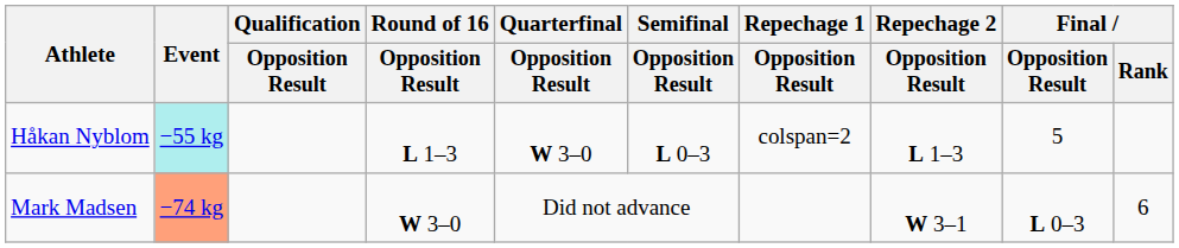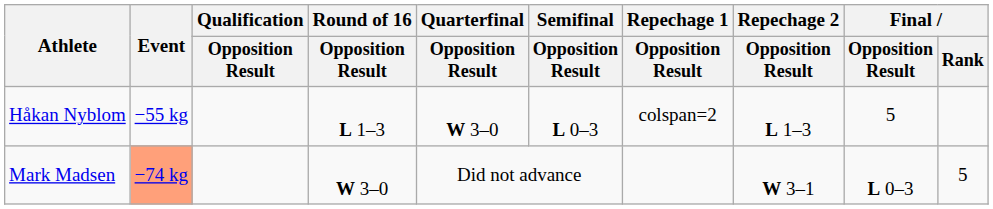 <table class="wikitable" style="font-size:90%">
 <tr>
 <th rowspan="2">Athlete</th>
 <th rowspan="2">Event</th>
 <th>Qualification</th>
 <th>Round of 16</th>
 <th>Quarterfinal</th>
 <th>Semifinal</th>
 <th>Repechage 1</th>
 <th>Repechage 2</th>
 <th colspan=2>Final / </th>
 </tr>
 <tr style="font-size: 95%">
 <th>Opposition<br>Result</th>
 <th>Opposition<br>Result</th>
 <th>Opposition<br>Result</th>
 <th>Opposition<br>Result</th>
 <th>Opposition<br>Result</th>
 <th>Opposition<br>Result</th>
 <th>Opposition<br>Result</th>
 <th>Rank</th>
 </tr>
 <tr align=center>
 <td align=left><a href='#'>Håkan Nyblom</a></td>
-<td align=left style="background: paleturquoise;"><a href='#'>−55 kg</a></td>
+<td align=left><a href='#'>−55 kg</a></td>
 <td></td>
 <td><br><strong>L</strong> 1–3 <sup></sup></td>
 <td><br><strong>W</strong> 3–0 <sup></sup></td>
 <td><br><strong>L</strong> 0–3 <sup></sup></td>
 <td>colspan=2 </td>
 <td><br><strong>L</strong> 1–3 <sup></sup></td>
 <td>5</td>
 </tr>
 <tr align=center>
 <td align=left><a href='#'>Mark Madsen</a></td>
 <td align=left style="background: lightsalmon;"><a href='#'>−74 kg</a></td>
 <td></td>
 <td><br><strong>W</strong> 3–0 <sup></sup></td>
 <td colspan=2>Did not advance</td>
 <td></td>
 <td><br><strong>W</strong> 3–1 <sup></sup></td>
 <td><br><strong>L</strong> 0–3 <sup></sup></td>
-<td>6</td>
+<td>5</td>
 </tr>
 </table>
